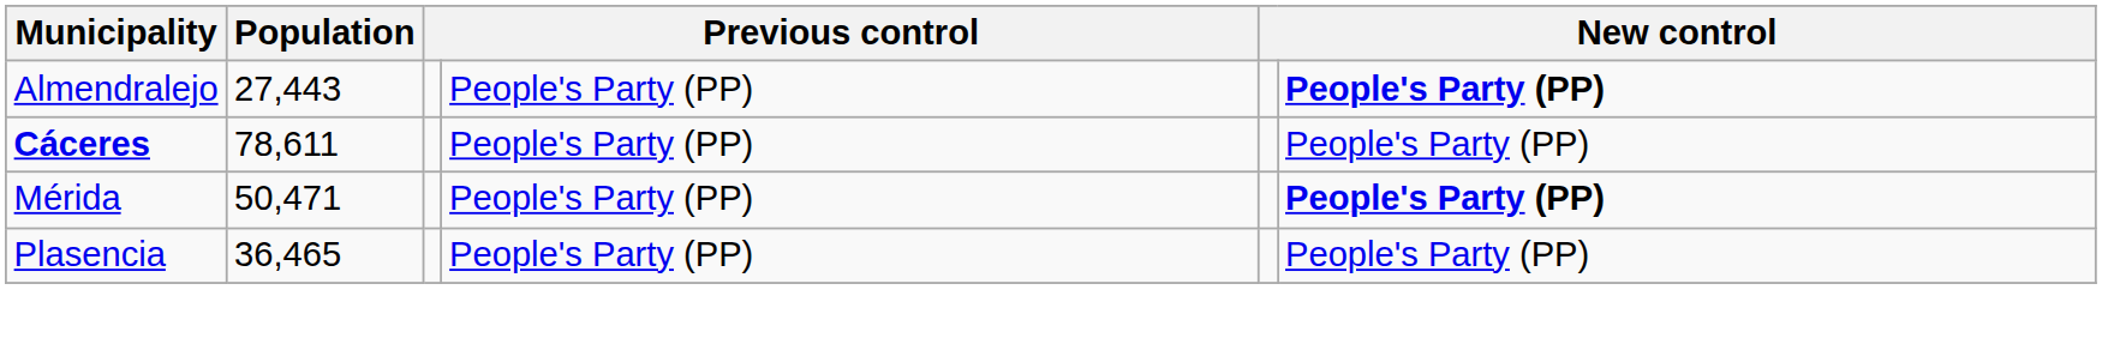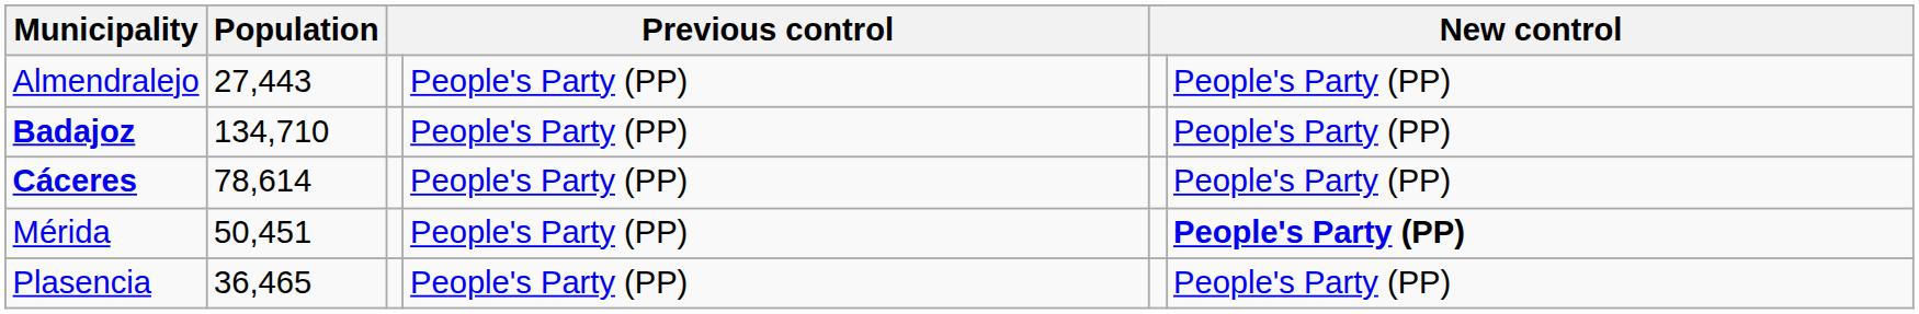 <table class="wikitable sortable">
 <tr>
 <th>Municipality</th>
 <th>Population</th>
 <th colspan="2" style="width:375px;">Previous control</th>
 <th colspan="2" style="width:375px;">New control</th>
 </tr>
 <tr>
 <td><a href='#'>Almendralejo</a></td>
 <td>27,443</td>
 <td width="1" style="color:inherit;background:"></td>
 <td><a href='#'>People's Party</a> (PP)</td>
 <td width="1" style="color:inherit;background:"></td>
-<td><strong><a href='#'>People's Party</a> (PP) </strong></td>
+<td><a href='#'>People's Party</a> (PP) </td>
+</tr>
+<tr>
+<td><strong><a href='#'>Badajoz</a></strong></td>
+<td>134,710</td>
+<td style="color:inherit;background:"></td>
+<td><a href='#'>People's Party</a> (PP)</td>
+<td style="color:inherit;background:"></td>
+<td><a href='#'>People's Party</a> (PP)</td>
 </tr>
 <tr>
 <td><strong><a href='#'>Cáceres</a></strong></td>
-<td>78,611</td>
+<td>78,614</td>
 <td style="color:inherit;background:"></td>
 <td><a href='#'>People's Party</a> (PP)</td>
 <td style="color:inherit;background:"></td>
 <td><a href='#'>People's Party</a> (PP)</td>
 </tr>
 <tr>
 <td><a href='#'>Mérida</a></td>
-<td>50,471</td>
+<td>50,451</td>
 <td style="color:inherit;background:"></td>
 <td><a href='#'>People's Party</a> (PP)</td>
 <td style="color:inherit;background:"></td>
 <td><strong><a href='#'>People's Party</a> (PP)</strong></td>
 </tr>
 <tr>
 <td><a href='#'>Plasencia</a></td>
 <td>36,465</td>
 <td style="color:inherit;background:"></td>
 <td><a href='#'>People's Party</a> (PP)</td>
 <td style="color:inherit;background:"></td>
 <td><a href='#'>People's Party</a> (PP) </td>
 </tr>
 </table>
